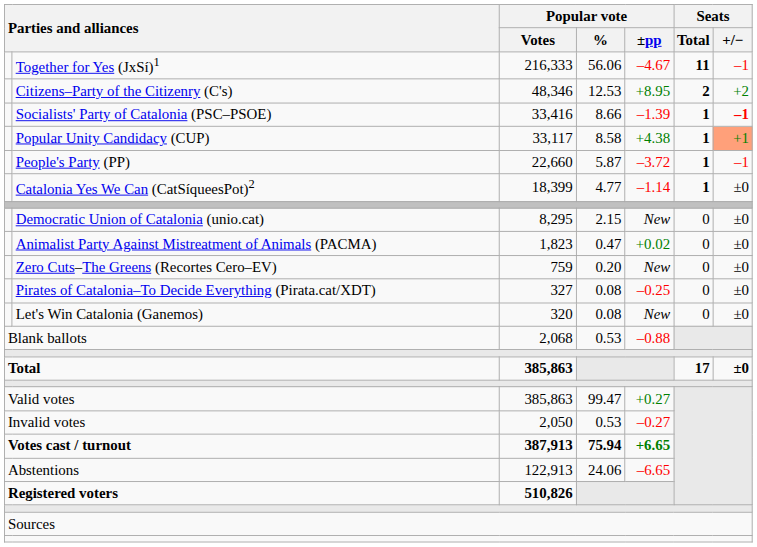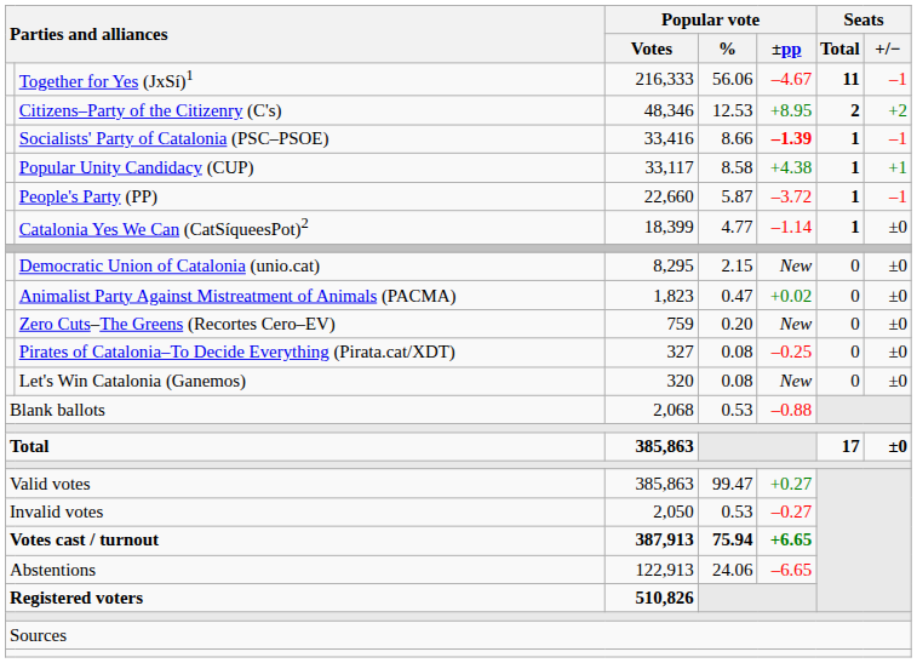 <table class="wikitable" style="text-align:right;">
 <tr>
 <th style="text-align:left;" rowspan="2" colspan="2" width="525">Parties and alliances</th>
 <th colspan="3">Popular vote</th>
 <th colspan="2">Seats</th>
 </tr>
 <tr>
 <th width="75">Votes</th>
 <th width="45">%</th>
 <th width="45">±<a href='#'>pp</a></th>
 <th width="35">Total</th>
 <th width="35">+/−</th>
 </tr>
 <tr>
 <td width="1" style="color:inherit;background:"></td>
 <td align="left"><a href='#'>Together for Yes</a> (JxSí)<sup>1</sup></td>
 <td>216,333</td>
 <td>56.06</td>
 <td style="color:red;">–4.67</td>
 <td><strong>11</strong></td>
 <td style="color:red;">–1</td>
 </tr>
 <tr>
 <td style="color:inherit;background:"></td>
 <td align="left"><a href='#'>Citizens–Party of the Citizenry</a> (C's)</td>
 <td>48,346</td>
 <td>12.53</td>
 <td style="color:green;">+8.95</td>
 <td><strong>2</strong></td>
 <td style="color:green;">+2</td>
 </tr>
 <tr>
 <td style="color:inherit;background:"></td>
 <td align="left"><a href='#'>Socialists' Party of Catalonia</a> (PSC–PSOE)</td>
 <td>33,416</td>
 <td>8.66</td>
-<td style="color:red;">–1.39</td>
+<td style="color:red;"><strong>–1.39</strong></td>
 <td><strong>1</strong></td>
-<td style="color:red;"><strong>–1</strong></td>
+<td style="color:red;">–1</td>
 </tr>
 <tr>
 <td style="color:inherit;background:"></td>
 <td align="left"><a href='#'>Popular Unity Candidacy</a> (CUP)</td>
 <td>33,117</td>
 <td>8.58</td>
 <td style="color:green;">+4.38</td>
 <td><strong>1</strong></td>
-<td style="background: lightsalmon; color:green;">+1</td>
+<td style="color:green;">+1</td>
 </tr>
 <tr>
 <td style="color:inherit;background:"></td>
 <td align="left"><a href='#'>People's Party</a> (PP)</td>
 <td>22,660</td>
 <td>5.87</td>
 <td style="color:red;">–3.72</td>
 <td><strong>1</strong></td>
 <td style="color:red;">–1</td>
 </tr>
 <tr>
 <td style="color:inherit;background:"></td>
 <td align="left"><a href='#'>Catalonia Yes We Can</a> (CatSíqueesPot)<sup>2</sup></td>
 <td>18,399</td>
 <td>4.77</td>
 <td style="color:red;">–1.14</td>
 <td><strong>1</strong></td>
 <td>±0</td>
 </tr>
 <tr>
 <td colspan="7" bgcolor="#C0C0C0"></td>
 </tr>
 <tr>
 <td style="color:inherit;background:"></td>
 <td align="left"><a href='#'>Democratic Union of Catalonia</a> (unio.cat)</td>
 <td>8,295</td>
 <td>2.15</td>
 <td><em>New</em></td>
 <td>0</td>
 <td>±0</td>
 </tr>
 <tr>
 <td style="color:inherit;background:"></td>
 <td align="left"><a href='#'>Animalist Party Against Mistreatment of Animals</a> (PACMA)</td>
 <td>1,823</td>
 <td>0.47</td>
 <td style="color:green;">+0.02</td>
 <td>0</td>
 <td>±0</td>
 </tr>
 <tr>
 <td style="color:inherit;background:"></td>
 <td align="left"><a href='#'>Zero Cuts</a>–<a href='#'>The Greens</a> (Recortes Cero–EV)</td>
 <td>759</td>
 <td>0.20</td>
 <td><em>New</em></td>
 <td>0</td>
 <td>±0</td>
 </tr>
 <tr>
 <td style="color:inherit;background:"></td>
 <td align="left"><a href='#'>Pirates of Catalonia–To Decide Everything</a> (Pirata.cat/XDT)</td>
 <td>327</td>
 <td>0.08</td>
 <td style="color:red;">–0.25</td>
 <td>0</td>
 <td>±0</td>
 </tr>
 <tr>
 <td style="color:inherit;background:"></td>
 <td align="left">Let's Win Catalonia (Ganemos)</td>
 <td>320</td>
 <td>0.08</td>
 <td><em>New</em></td>
 <td>0</td>
 <td>±0</td>
 </tr>
 <tr>
 <td align="left" colspan="2">Blank ballots</td>
 <td>2,068</td>
 <td>0.53</td>
 <td style="color:red;">–0.88</td>
 <td bgcolor="#E9E9E9" colspan="2"></td>
 </tr>
 <tr>
 <td colspan="7" bgcolor="#E9E9E9"></td>
 </tr>
 <tr style="font-weight:bold;">
 <td align="left" colspan="2">Total</td>
 <td>385,863</td>
 <td bgcolor="#E9E9E9" colspan="2"></td>
 <td>17</td>
 <td>±0</td>
 </tr>
 <tr>
 <td colspan="7" bgcolor="#E9E9E9"></td>
 </tr>
 <tr>
 <td align="left" colspan="2">Valid votes</td>
 <td>385,863</td>
 <td>99.47</td>
 <td style="color:green;">+0.27</td>
 <td bgcolor="#E9E9E9" colspan="2" rowspan="5"></td>
 </tr>
 <tr>
 <td align="left" colspan="2">Invalid votes</td>
 <td>2,050</td>
 <td>0.53</td>
 <td style="color:red;">–0.27</td>
 </tr>
 <tr style="font-weight:bold;">
 <td align="left" colspan="2">Votes cast / turnout</td>
 <td>387,913</td>
 <td>75.94</td>
 <td style="color:green;">+6.65</td>
 </tr>
 <tr>
 <td align="left" colspan="2">Abstentions</td>
 <td>122,913</td>
 <td>24.06</td>
 <td style="color:red;">–6.65</td>
 </tr>
 <tr style="font-weight:bold;">
 <td align="left" colspan="2">Registered voters</td>
 <td>510,826</td>
 <td bgcolor="#E9E9E9" colspan="2"></td>
 </tr>
 <tr>
 <td colspan="7" bgcolor="#E9E9E9"></td>
 </tr>
 <tr>
 <td align="left" colspan="7">Sources</td>
 </tr>
 <tr>
 <td colspan="7" style="text-align:left; max-width:790px;"></td>
 </tr>
 </table>
